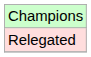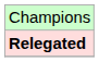 <table class="wikitable">
 <tr width=10px bgcolor="#ccffcc">
 <td>Champions</td>
 </tr>
 <tr width=10px bgcolor="#ffdddd">
-<td>Relegated</td>
+<td><strong>Relegated</strong></td>
 </tr>
 <tr>
 </tr>
 </table>
